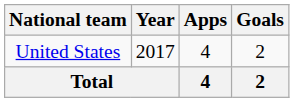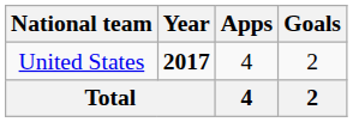 <table class=wikitable style="text-align: center">
 <tr>
 <th>National team</th>
 <th>Year</th>
 <th>Apps</th>
 <th>Goals</th>
 </tr>
 <tr>
 <td><a href='#'>United States</a></td>
-<td>2017</td>
+<td><strong>2017</strong></td>
 <td>4</td>
 <td>2</td>
 </tr>
 <tr>
 <th colspan="2">Total</th>
 <th>4</th>
 <th>2</th>
 </tr>
 </table>
